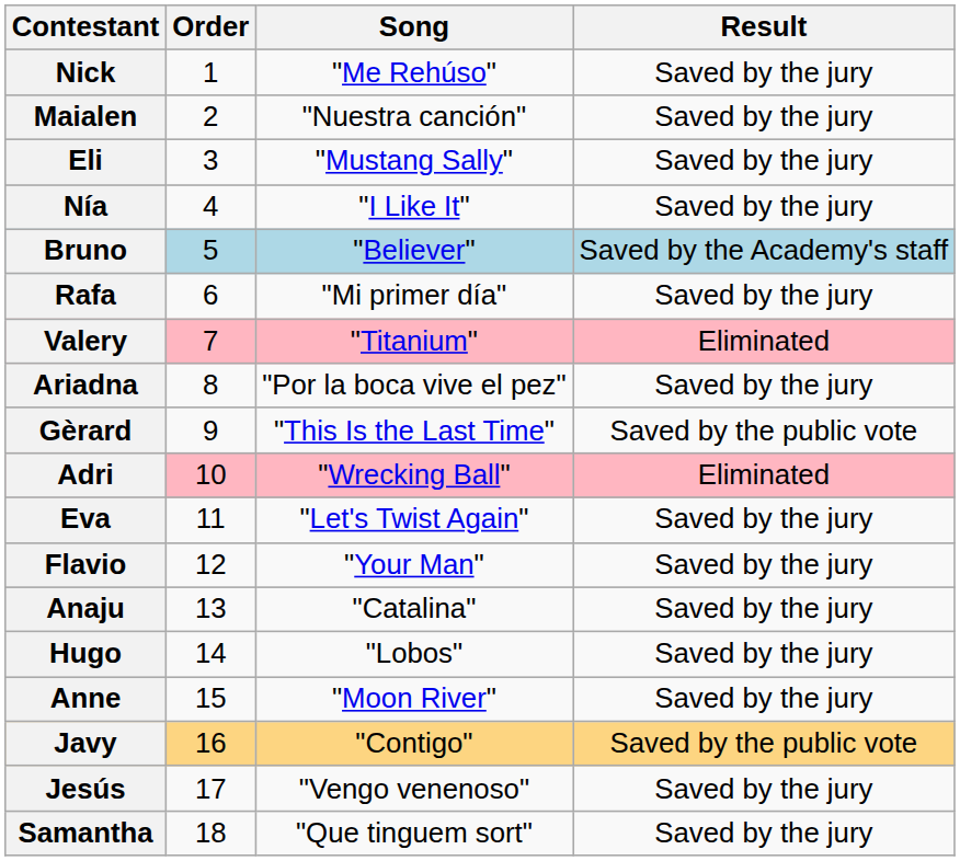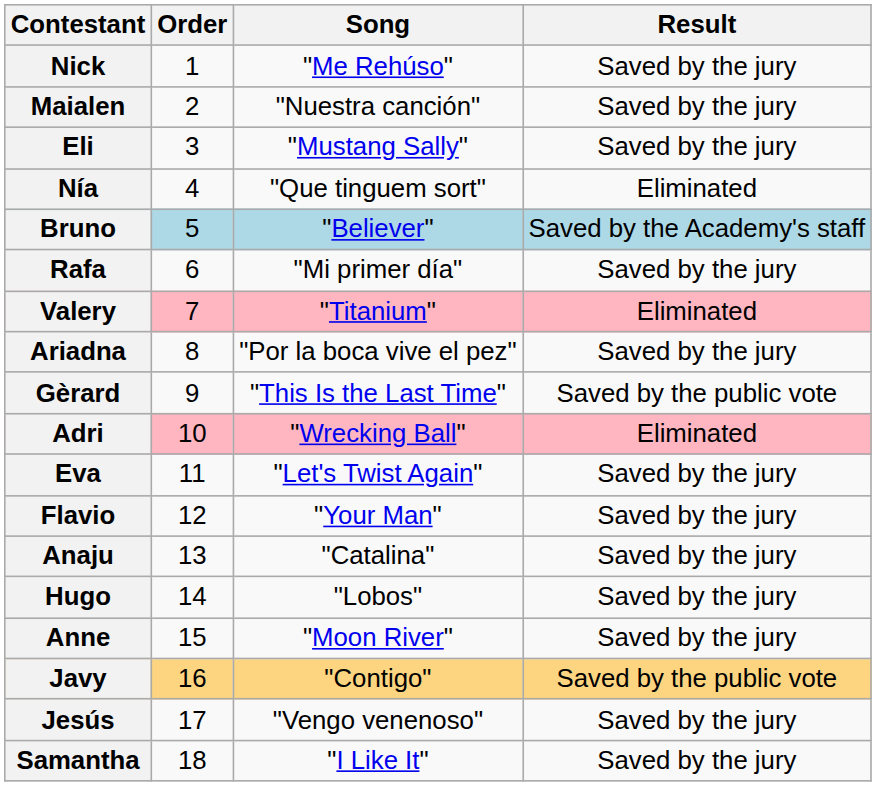 <table class="wikitable sortable plainrowheaders" style="text-align:center;">
 <tr>
 <th scope="col">Contestant</th>
 <th scope="col">Order</th>
 <th scope="col">Song</th>
 <th scope="col">Result</th>
 </tr>
 <tr>
 <th scope="row">Nick</th>
 <td>1</td>
 <td>"<a href='#'>Me Rehúso</a>"</td>
 <td>Saved by the jury</td>
 </tr>
 <tr>
 <th scope="row">Maialen</th>
 <td>2</td>
 <td>"Nuestra canción"</td>
 <td>Saved by the jury</td>
 </tr>
 <tr>
 <th scope="row">Eli</th>
 <td>3</td>
 <td>"<a href='#'>Mustang Sally</a>"</td>
 <td>Saved by the jury</td>
 </tr>
 <tr>
 <th scope="row">Nía</th>
 <td>4</td>
-<td>"<a href='#'>I Like It</a>"</td>
-<td>Saved by the jury</td>
+<td>"Que tinguem sort"</td>
+<td>Eliminated</td>
 </tr>
 <tr style="background:lightblue;">
 <th scope="row">Bruno</th>
 <td>5</td>
 <td>"<a href='#'>Believer</a>"</td>
 <td>Saved by the Academy's staff</td>
 </tr>
 <tr>
 <th scope="row">Rafa</th>
 <td>6</td>
 <td>"Mi primer día"</td>
 <td>Saved by the jury</td>
 </tr>
 <tr style="background:lightpink">
 <th scope="row">Valery</th>
 <td>7</td>
 <td>"<a href='#'>Titanium</a>"</td>
 <td>Eliminated</td>
 </tr>
 <tr>
 <th scope="row">Ariadna</th>
 <td>8</td>
 <td>"Por la boca vive el pez"</td>
 <td>Saved by the jury</td>
 </tr>
 <tr>
 <th scope="row">Gèrard</th>
 <td>9</td>
 <td>"<a href='#'>This Is the Last Time</a>"</td>
 <td>Saved by the public vote</td>
 </tr>
 <tr style="background:lightpink">
 <th scope="row">Adri</th>
 <td>10</td>
 <td>"<a href='#'>Wrecking Ball</a>"</td>
 <td>Eliminated</td>
 </tr>
 <tr>
 <th scope="row">Eva</th>
 <td>11</td>
 <td>"<a href='#'>Let's Twist Again</a>"</td>
 <td>Saved by the jury</td>
 </tr>
 <tr>
 <th scope="row">Flavio</th>
 <td>12</td>
 <td>"<a href='#'>Your Man</a>"</td>
 <td>Saved by the jury</td>
 </tr>
 <tr>
 <th scope="row">Anaju</th>
 <td>13</td>
 <td>"Catalina"</td>
 <td>Saved by the jury</td>
 </tr>
 <tr>
 <th scope="row">Hugo</th>
 <td>14</td>
 <td>"Lobos"</td>
 <td>Saved by the jury</td>
 </tr>
 <tr>
 <th scope="row">Anne</th>
 <td>15</td>
 <td>"<a href='#'>Moon River</a>"</td>
 <td>Saved by the jury</td>
 </tr>
 <tr style="background:#fdd581;">
 <th scope="row">Javy</th>
 <td>16</td>
 <td>"Contigo"</td>
 <td>Saved by the public vote</td>
 </tr>
 <tr>
 <th scope="row">Jesús</th>
 <td>17</td>
 <td>"Vengo venenoso"</td>
 <td>Saved by the jury</td>
 </tr>
 <tr>
 <th scope="row">Samantha</th>
 <td>18</td>
-<td>"Que tinguem sort"</td>
+<td>"<a href='#'>I Like It</a>"</td>
 <td>Saved by the jury</td>
 </tr>
 </table>
